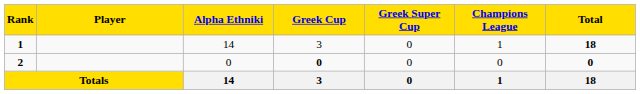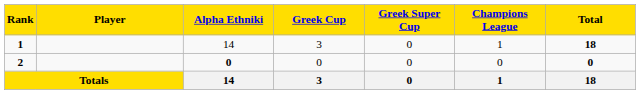 <table class="wikitable sortable" style="text-align:center">
 <tr>
 <th style="background:#FFDE00">Rank</th>
 <th width=200 style="background:#FFDE00">Player</th>
 <th width=120 style="background:#FFDE00"><a href='#'>Alpha Ethniki</a></th>
 <th width=120 style="background:#FFDE00"><a href='#'>Greek Cup</a></th>
 <th width=120 style="background:#FFDE00"><a href='#'>Greek Super Cup</a></th>
 <th width=120 style="background:#FFDE00"><a href='#'>Champions League</a></th>
 <th width=120 style="background:#FFDE00">Total</th>
 </tr>
 <tr>
 <td><strong>1</strong></td>
 <td align=left></td>
 <td>14</td>
 <td>3</td>
 <td>0</td>
 <td>1</td>
 <td><strong>18</strong></td>
 </tr>
 <tr>
 <td><strong>2</strong></td>
 <td align=left></td>
+<td><strong>0</strong></td>
 <td>0</td>
-<td><strong>0</strong></td>
 <td>0</td>
 <td>0</td>
 <td><strong>0</strong></td>
 </tr>
 <tr class="sortbottom">
 <th colspan=2 style="background:#FFDE00"><strong>Totals</strong></th>
 <th><strong>14</strong></th>
 <th><strong> 3</strong></th>
 <th><strong> 0</strong></th>
 <th><strong> 1</strong></th>
 <th><strong>18</strong></th>
 </tr>
 </table>
